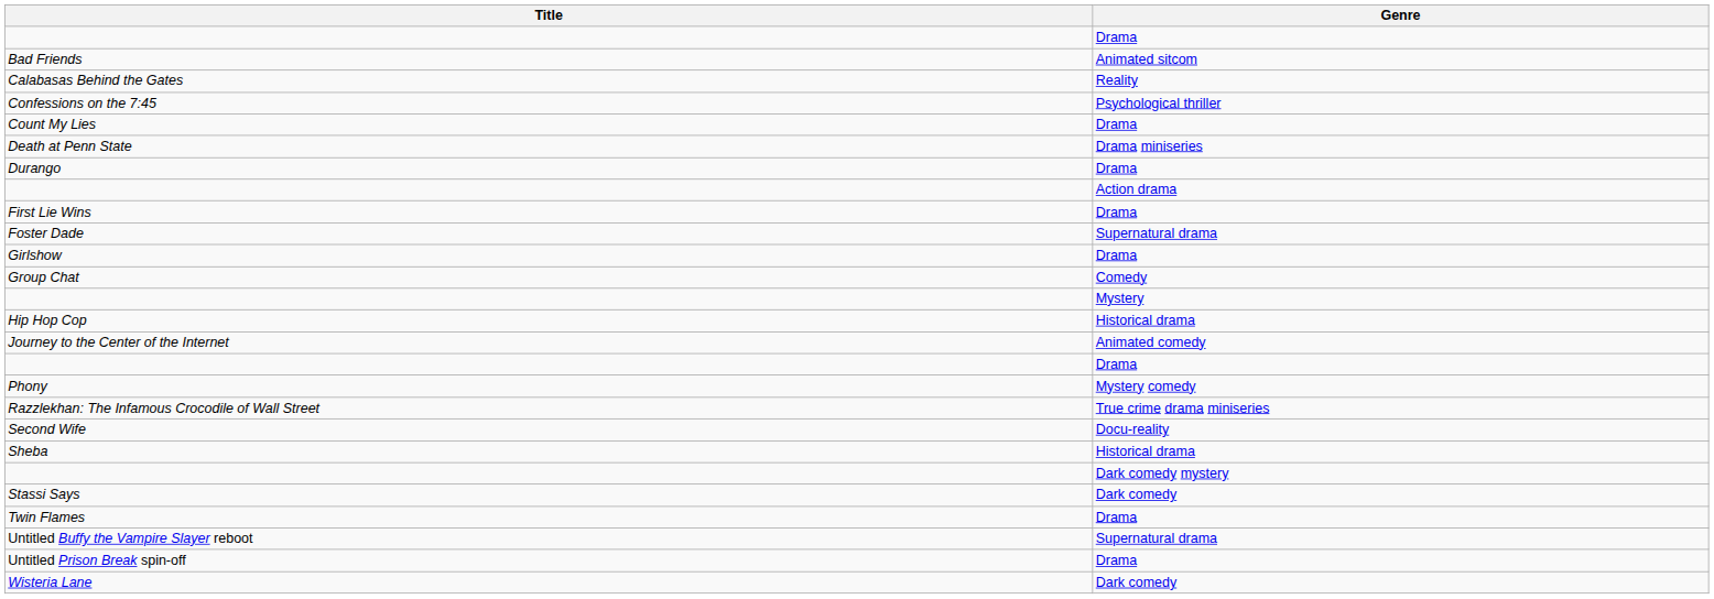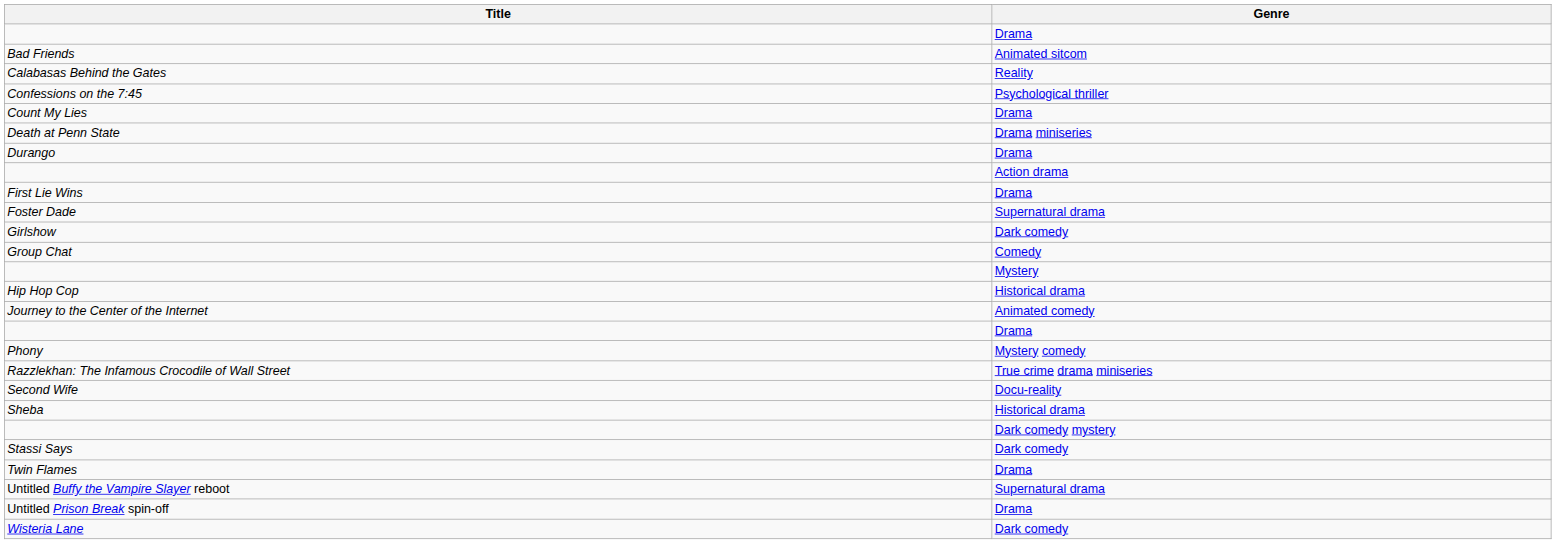 <table class="wikitable sortable" style="width:100%;">
 <tr>
 <th>Title</th>
 <th>Genre</th>
 </tr>
 <tr>
 <td><em></em></td>
 <td><a href='#'>Drama</a></td>
 </tr>
 <tr>
 <td><em>Bad Friends</em></td>
 <td><a href='#'>Animated sitcom</a></td>
 </tr>
 <tr>
 <td><em>Calabasas Behind the Gates</em></td>
 <td><a href='#'>Reality</a></td>
 </tr>
 <tr>
 <td><em>Confessions on the 7:45</em></td>
 <td><a href='#'>Psychological thriller</a></td>
 </tr>
 <tr>
 <td><em>Count My Lies</em></td>
 <td><a href='#'>Drama</a></td>
 </tr>
 <tr>
 <td><em>Death at Penn State</em></td>
 <td><a href='#'>Drama</a> <a href='#'>miniseries</a></td>
 </tr>
 <tr>
 <td><em>Durango</em></td>
 <td><a href='#'>Drama</a></td>
 </tr>
 <tr>
 <td><em></em></td>
 <td><a href='#'>Action drama</a></td>
 </tr>
 <tr>
 <td><em>First Lie Wins</em></td>
 <td><a href='#'>Drama</a></td>
 </tr>
 <tr>
 <td><em>Foster Dade</em></td>
 <td><a href='#'>Supernatural drama</a></td>
 </tr>
 <tr>
 <td><em>Girlshow</em></td>
-<td><a href='#'>Drama</a></td>
+<td><a href='#'>Dark comedy</a></td>
 </tr>
 <tr>
 <td><em>Group Chat</em></td>
 <td><a href='#'>Comedy</a></td>
 </tr>
 <tr>
 <td><em></em></td>
 <td><a href='#'>Mystery</a></td>
 </tr>
 <tr>
 <td><em>Hip Hop Cop</em></td>
 <td><a href='#'>Historical drama</a></td>
 </tr>
 <tr>
 <td><em>Journey to the Center of the Internet</em></td>
 <td><a href='#'>Animated comedy</a></td>
 </tr>
 <tr>
 <td><em></em></td>
 <td><a href='#'>Drama</a></td>
 </tr>
 <tr>
 <td><em>Phony</em></td>
 <td><a href='#'>Mystery</a> <a href='#'>comedy</a></td>
 </tr>
 <tr>
 <td><em>Razzlekhan: The Infamous Crocodile of Wall Street</em></td>
 <td><a href='#'>True crime</a> <a href='#'>drama</a> <a href='#'>miniseries</a></td>
 </tr>
 <tr>
 <td><em>Second Wife</em></td>
 <td><a href='#'>Docu-reality</a></td>
 </tr>
 <tr>
 <td><em>Sheba</em></td>
 <td><a href='#'>Historical drama</a></td>
 </tr>
 <tr>
 <td><em></em></td>
 <td><a href='#'>Dark comedy</a> <a href='#'>mystery</a></td>
 </tr>
 <tr>
 <td><em>Stassi Says</em></td>
 <td><a href='#'>Dark comedy</a></td>
 </tr>
 <tr>
 <td><em>Twin Flames</em></td>
 <td><a href='#'>Drama</a></td>
 </tr>
 <tr>
 <td>Untitled <em><a href='#'>Buffy the Vampire Slayer</a></em> reboot</td>
 <td><a href='#'>Supernatural drama</a></td>
 </tr>
 <tr>
 <td>Untitled <em><a href='#'>Prison Break</a></em> spin-off</td>
 <td><a href='#'>Drama</a></td>
 </tr>
 <tr>
 <td><em><a href='#'>Wisteria Lane</a></em></td>
 <td><a href='#'>Dark comedy</a></td>
 </tr>
 </table>
